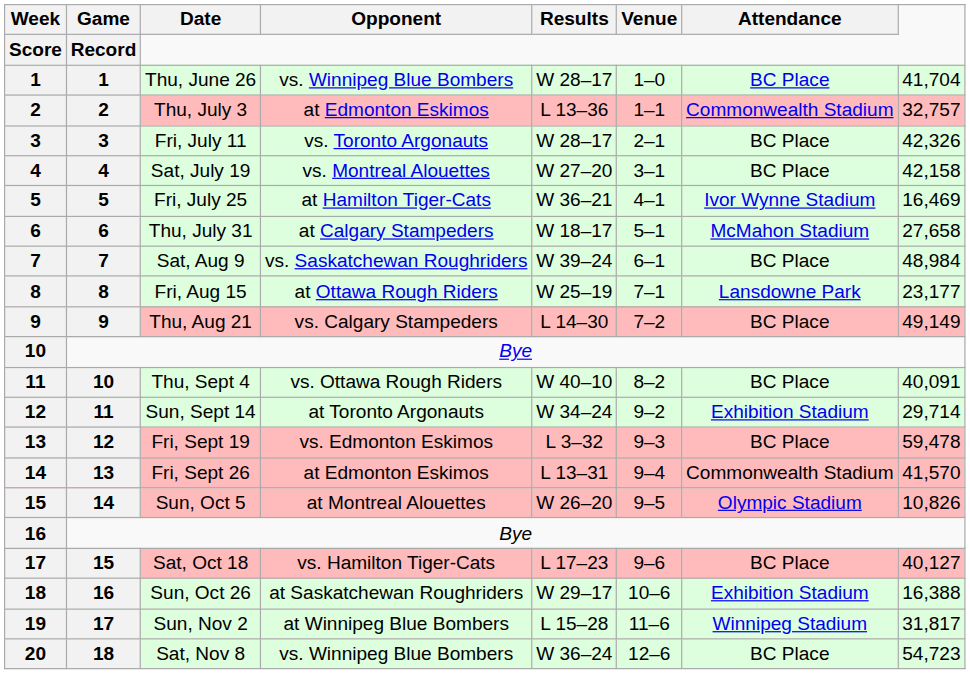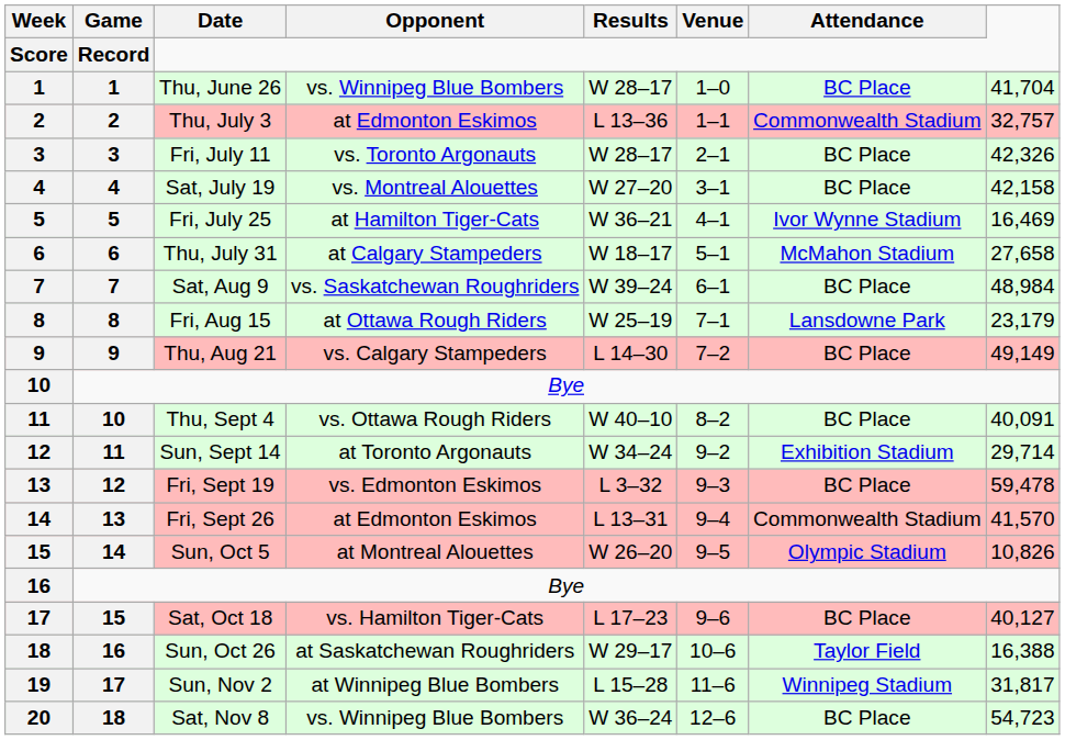 <table class="wikitable" style="text-align:center">
 <tr>
 <th>Week</th>
 <th>Game</th>
 <th>Date</th>
 <th>Opponent</th>
 <th>Results</th>
 <th>Venue</th>
 <th>Attendance</th>
 </tr>
 <tr>
 <th>Score</th>
 <th>Record</th>
 </tr>
 <tr style="background:#ddffdd">
 <th>1</th>
 <th>1</th>
 <td>Thu, June 26</td>
 <td>vs. <a href='#'>Winnipeg Blue Bombers</a></td>
 <td>W 28–17</td>
 <td>1–0</td>
 <td><a href='#'>BC Place</a></td>
 <td>41,704</td>
 </tr>
 <tr style="background:#ffbbbb">
 <th>2</th>
 <th>2</th>
 <td>Thu, July 3</td>
 <td>at <a href='#'>Edmonton Eskimos</a></td>
 <td>L 13–36</td>
 <td>1–1</td>
 <td><a href='#'>Commonwealth Stadium</a></td>
 <td>32,757</td>
 </tr>
 <tr style="background:#ddffdd">
 <th>3</th>
 <th>3</th>
 <td>Fri, July 11</td>
 <td>vs. <a href='#'>Toronto Argonauts</a></td>
 <td>W 28–17</td>
 <td>2–1</td>
 <td>BC Place</td>
 <td>42,326</td>
 </tr>
 <tr style="background:#ddffdd">
 <th>4</th>
 <th>4</th>
 <td>Sat, July 19</td>
 <td>vs. <a href='#'>Montreal Alouettes</a></td>
 <td>W 27–20</td>
 <td>3–1</td>
 <td>BC Place</td>
 <td>42,158</td>
 </tr>
 <tr style="background:#ddffdd">
 <th>5</th>
 <th>5</th>
 <td>Fri, July 25</td>
 <td>at <a href='#'>Hamilton Tiger-Cats</a></td>
 <td>W 36–21</td>
 <td>4–1</td>
 <td><a href='#'>Ivor Wynne Stadium</a></td>
 <td>16,469</td>
 </tr>
 <tr style="background:#ddffdd">
 <th>6</th>
 <th>6</th>
 <td>Thu, July 31</td>
 <td>at <a href='#'>Calgary Stampeders</a></td>
 <td>W 18–17</td>
 <td>5–1</td>
 <td><a href='#'>McMahon Stadium</a></td>
 <td>27,658</td>
 </tr>
 <tr style="background:#ddffdd">
 <th>7</th>
 <th>7</th>
 <td>Sat, Aug 9</td>
 <td>vs. <a href='#'>Saskatchewan Roughriders</a></td>
 <td>W 39–24</td>
 <td>6–1</td>
 <td>BC Place</td>
 <td>48,984</td>
 </tr>
 <tr style="background:#ddffdd">
 <th>8</th>
 <th>8</th>
 <td>Fri, Aug 15</td>
 <td>at <a href='#'>Ottawa Rough Riders</a></td>
 <td>W 25–19</td>
 <td>7–1</td>
 <td><a href='#'>Lansdowne Park</a></td>
-<td>23,177</td>
+<td>23,179</td>
 </tr>
 <tr style="background:#ffbbbb">
 <th>9</th>
 <th>9</th>
 <td>Thu, Aug 21</td>
 <td>vs. Calgary Stampeders</td>
 <td>L 14–30</td>
 <td>7–2</td>
 <td>BC Place</td>
 <td>49,149</td>
 </tr>
 <tr>
 <th>10</th>
 <td colspan=7><em><a href='#'>Bye</a></em></td>
 </tr>
 <tr style="background:#ddffdd">
 <th>11</th>
 <th>10</th>
 <td>Thu, Sept 4</td>
 <td>vs. Ottawa Rough Riders</td>
 <td>W 40–10</td>
 <td>8–2</td>
 <td>BC Place</td>
 <td>40,091</td>
 </tr>
 <tr style="background:#ddffdd">
 <th>12</th>
 <th>11</th>
 <td>Sun, Sept 14</td>
 <td>at Toronto Argonauts</td>
 <td>W 34–24</td>
 <td>9–2</td>
 <td><a href='#'>Exhibition Stadium</a></td>
 <td>29,714</td>
 </tr>
 <tr style="background:#ffbbbb">
 <th>13</th>
 <th>12</th>
 <td>Fri, Sept 19</td>
 <td>vs. Edmonton Eskimos</td>
 <td>L 3–32</td>
 <td>9–3</td>
 <td>BC Place</td>
 <td>59,478</td>
 </tr>
 <tr style="background:#ffbbbb">
 <th>14</th>
 <th>13</th>
 <td>Fri, Sept 26</td>
 <td>at Edmonton Eskimos</td>
 <td>L 13–31</td>
 <td>9–4</td>
 <td>Commonwealth Stadium</td>
 <td>41,570</td>
 </tr>
 <tr style="background:#ffbbbb">
 <th>15</th>
 <th>14</th>
 <td>Sun, Oct 5</td>
 <td>at Montreal Alouettes</td>
 <td>W 26–20</td>
 <td>9–5</td>
 <td><a href='#'>Olympic Stadium</a></td>
 <td>10,826</td>
 </tr>
 <tr>
 <th>16</th>
 <td colspan=7><em>Bye</em></td>
 </tr>
 <tr style="background:#ffbbbb">
 <th>17</th>
 <th>15</th>
 <td>Sat, Oct 18</td>
 <td>vs. Hamilton Tiger-Cats</td>
 <td>L 17–23</td>
 <td>9–6</td>
 <td>BC Place</td>
 <td>40,127</td>
 </tr>
 <tr style="background:#ddffdd">
 <th>18</th>
 <th>16</th>
 <td>Sun, Oct 26</td>
 <td>at Saskatchewan Roughriders</td>
 <td>W 29–17</td>
 <td>10–6</td>
-<td><a href='#'>Exhibition Stadium</a></td>
+<td><a href='#'>Taylor Field</a></td>
 <td>16,388</td>
 </tr>
 <tr style="background:#ddffdd">
 <th>19</th>
 <th>17</th>
 <td>Sun, Nov 2</td>
 <td>at Winnipeg Blue Bombers</td>
 <td>L 15–28</td>
 <td>11–6</td>
 <td><a href='#'>Winnipeg Stadium</a></td>
 <td>31,817</td>
 </tr>
 <tr style="background:#ddffdd">
 <th>20</th>
 <th>18</th>
 <td>Sat, Nov 8</td>
 <td>vs. Winnipeg Blue Bombers</td>
 <td>W 36–24</td>
 <td>12–6</td>
 <td>BC Place</td>
 <td>54,723</td>
 </tr>
 </table>
